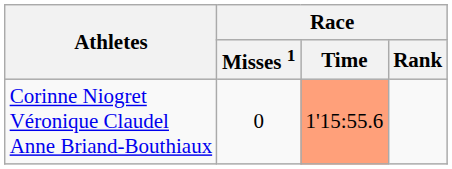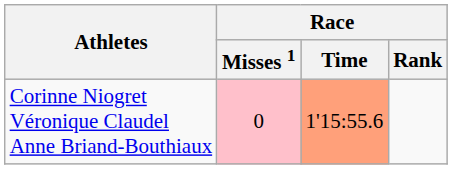 <table class="wikitable" border="1" style="font-size:90%">
 <tr>
 <th rowspan=2>Athletes</th>
 <th colspan=3>Race</th>
 </tr>
 <tr>
 <th>Misses <sup>1</sup></th>
 <th>Time</th>
 <th>Rank</th>
 </tr>
 <tr>
 <td><a href='#'>Corinne Niogret</a><br><a href='#'>Véronique Claudel</a><br><a href='#'>Anne Briand-Bouthiaux</a></td>
-<td align=center>0</td>
+<td align=center style="background: pink;">0</td>
 <td align=center style="background: lightsalmon;">1'15:55.6</td>
 <td align=center></td>
 </tr>
 </table>
